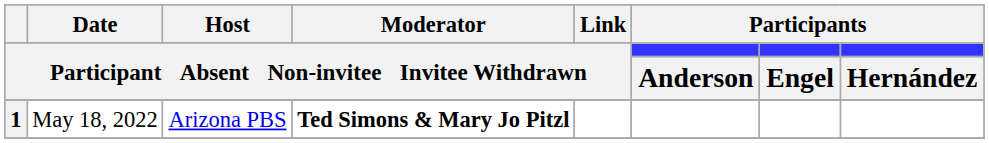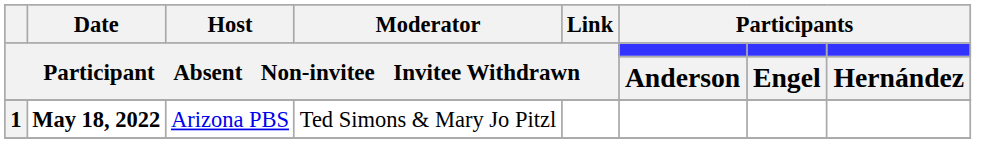 <table class="wikitable" style="text-align:center;">
 <tr style="font-size:small;">
 <th scope="col"></th>
 <th scope="col">Date</th>
 <th scope="col">Host</th>
 <th scope="col">Moderator</th>
 <th scope="col">Link</th>
 <th scope="col" colspan="3">Participants</th>
 </tr>
 <tr>
 <th colspan="5" rowspan="2"> <small>Participant  </small> <small>Absent  </small> <small>Non-invitee  </small> <small>Invitee Withdrawn</small></th>
 <th scope="col" style="background:#3333FF;"></th>
 <th scope="col" style="background:#3333FF;"></th>
 <th scope="col" style="background:#3333FF;"></th>
 </tr>
 <tr>
 <th scope="col">Anderson</th>
 <th scope="col">Engel</th>
 <th scope="col">Hernández</th>
 </tr>
 <tr>
 </tr>
 <tr style="background:#FFFFFF;font-size:small;">
 <th scope="row">1</th>
-<td style="white-space:nowrap;">May 18, 2022</td>
+<td style="white-space:nowrap;"><strong>May 18, 2022</strong></td>
 <td style="white-space:nowrap;"><a href='#'>Arizona PBS</a></td>
-<td style="white-space:nowrap;"><strong>Ted Simons & Mary Jo Pitzl</strong></td>
+<td style="white-space:nowrap;">Ted Simons & Mary Jo Pitzl</td>
 <td style="white-space:nowrap;"></td>
 <td></td>
 <td></td>
 <td></td>
 </tr>
 <tr>
 </tr>
 </table>
